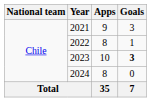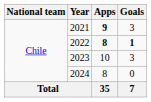 <table class=wikitable style=text-align:center>
 <tr>
 <th>National team</th>
 <th>Year</th>
 <th>Apps</th>
 <th>Goals</th>
 </tr>
 <tr>
 <td rowspan="4"><a href='#'>Chile</a></td>
 <td>2021</td>
-<td>9</td>
+<td><strong>9</strong></td>
 <td>3</td>
 </tr>
 <tr>
 <td>2022</td>
-<td>8</td>
-<td>1</td>
+<td><strong>8</strong></td>
+<td><strong>1</strong></td>
 </tr>
 <tr>
 <td>2023</td>
 <td>10</td>
-<td><strong>3</strong></td>
+<td>3</td>
 </tr>
 <tr>
 <td>2024</td>
 <td>8</td>
 <td>0</td>
 </tr>
 <tr>
 <th colspan="2">Total</th>
 <th>35</th>
 <th>7</th>
 </tr>
 </table>
